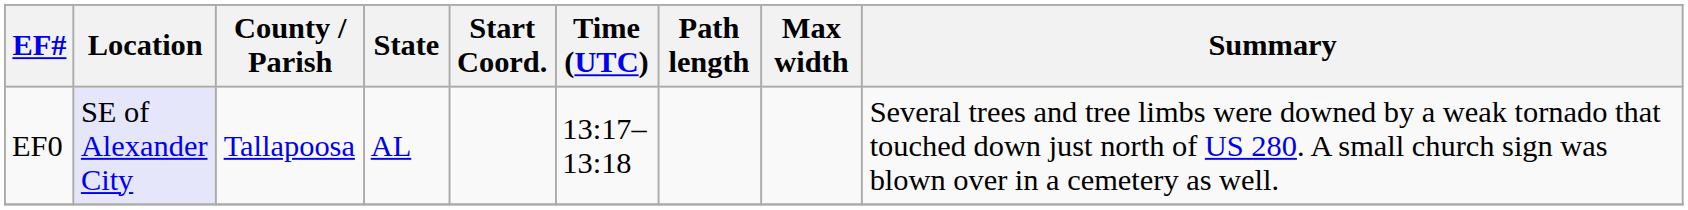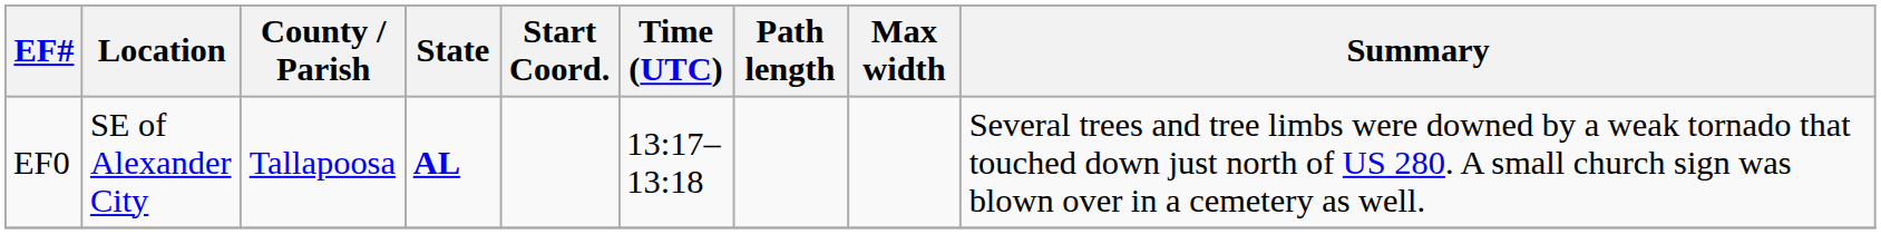 <table class="wikitable sortable" style="width:100%;">
 <tr>
 <th scope="col"  style="width:3%; text-align:center;"><a href='#'>EF#</a></th>
 <th scope="col"  style="width:7%; text-align:center;" class="unsortable">Location</th>
 <th scope="col"  style="width:6%; text-align:center;" class="unsortable">County / Parish</th>
 <th scope="col"  style="width:5%; text-align:center;">State</th>
 <th scope="col"  style="width:6%; text-align:center;">Start Coord.</th>
 <th scope="col"  style="width:6%; text-align:center;">Time (<a href='#'>UTC</a>)</th>
 <th scope="col"  style="width:6%; text-align:center;">Path length</th>
 <th scope="col"  style="width:6%; text-align:center;">Max width</th>
 <th scope="col" class="unsortable" style="width:48%; text-align:center;">Summary</th>
 </tr>
 <tr>
 <td>EF0</td>
-<td style="background: lavender;">SE of <a href='#'>Alexander City</a></td>
+<td>SE of <a href='#'>Alexander City</a></td>
 <td><a href='#'>Tallapoosa</a></td>
-<td><a href='#'>AL</a></td>
+<td><strong><a href='#'>AL</a></strong></td>
 <td></td>
 <td>13:17–13:18</td>
 <td></td>
 <td></td>
 <td>Several trees and tree limbs were downed by a weak tornado that touched down just north of <a href='#'>US 280</a>. A small church sign was blown over in a cemetery as well.</td>
 </tr>
 <tr>
 </tr>
 </table>
